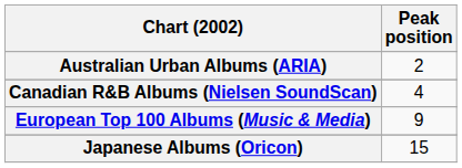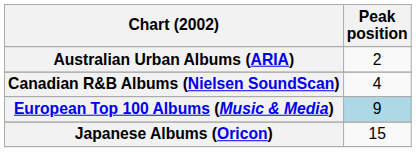 <table class="wikitable sortable plainrowheaders">
 <tr>
 <th scope="col">Chart (2002)</th>
 <th scope="col">Peak<br>position</th>
 </tr>
 <tr>
 </tr>
 <tr>
 <th scope="row">Australian Urban Albums (<a href='#'>ARIA</a>)</th>
 <td style="text-align:center;">2</td>
 </tr>
 <tr>
 </tr>
 <tr>
 </tr>
 <tr>
 </tr>
 <tr>
 </tr>
 <tr>
 <th scope="row">Canadian R&B Albums (<a href='#'>Nielsen SoundScan</a>)</th>
 <td style="text-align:center;">4</td>
 </tr>
 <tr>
 </tr>
 <tr>
 </tr>
 <tr>
 <th scope="row"><a href='#'>European Top 100 Albums</a> (<em><a href='#'>Music & Media</a></em>)</th>
-<td style="text-align:center;">9</td>
+<td style="background: lightblue; text-align:center;">9</td>
 </tr>
 <tr>
 </tr>
 <tr>
 </tr>
 <tr>
 </tr>
 <tr>
 <th scope="row">Japanese Albums (<a href='#'>Oricon</a>)</th>
 <td style="text-align:center;">15</td>
 </tr>
 <tr>
 </tr>
 <tr>
 </tr>
 <tr>
 </tr>
 <tr>
 </tr>
 <tr>
 </tr>
 <tr>
 </tr>
 <tr>
 </tr>
 <tr>
 </tr>
 <tr>
 </tr>
 </table>
